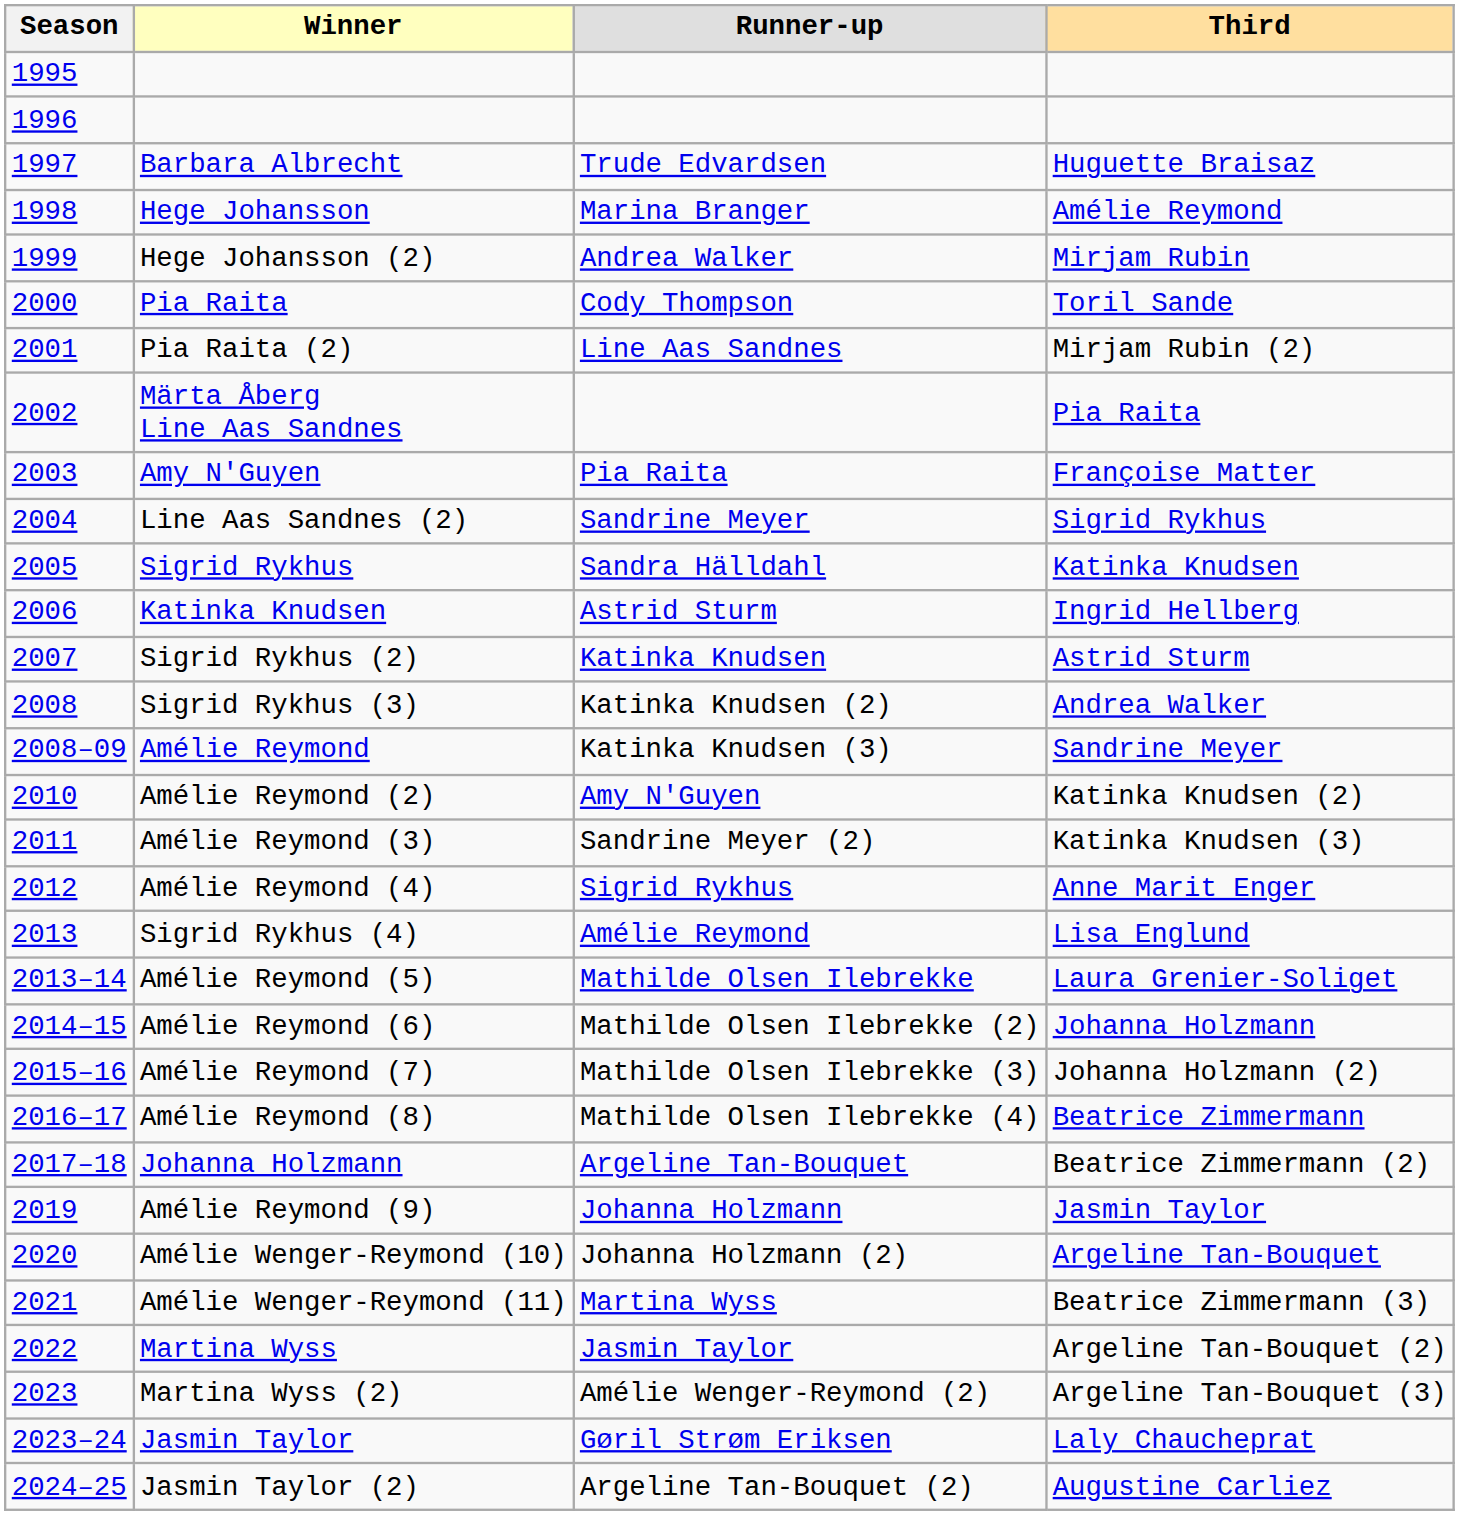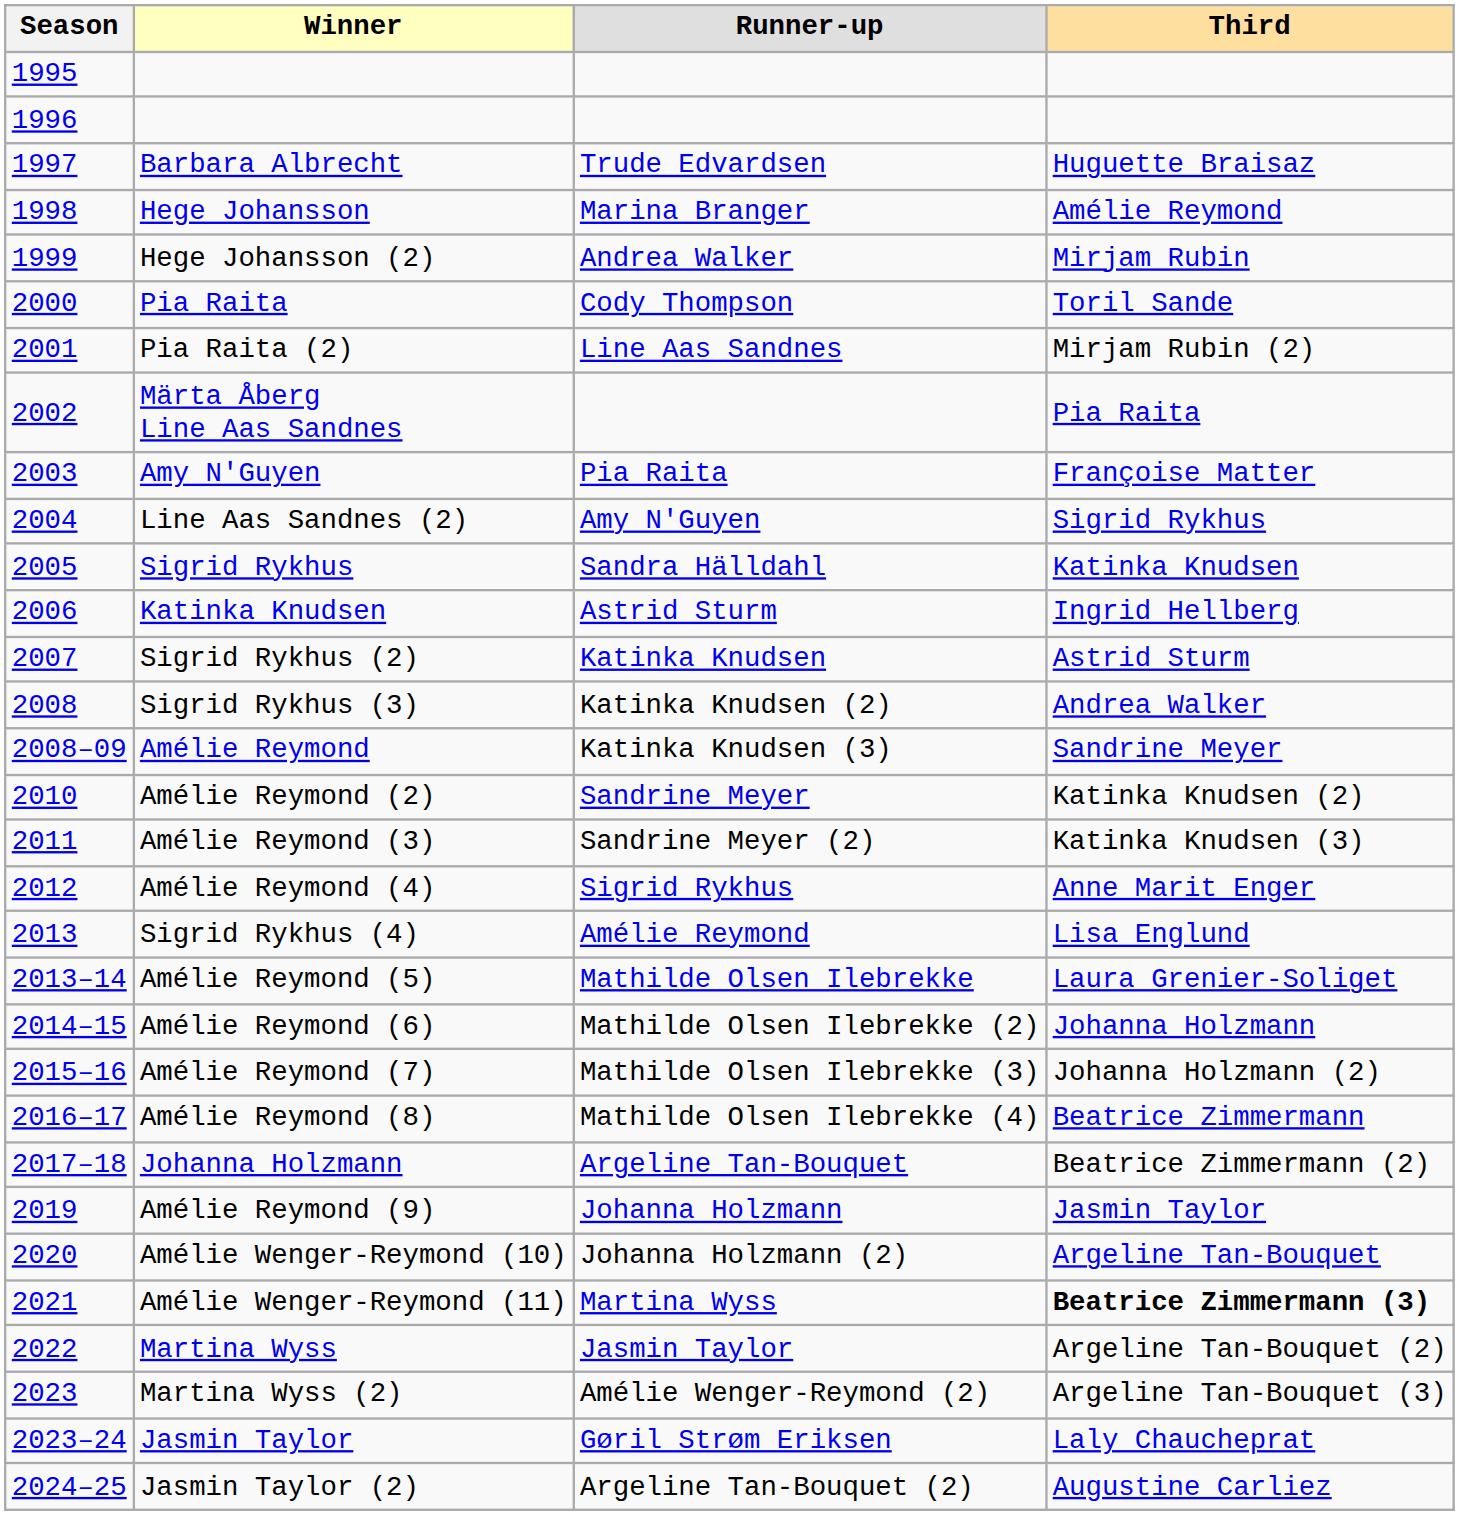 <table class="wikitable" style="font-size: 90%;">
 <tr>
 <th>Season</th>
 <th style="background:#ffffbf;">Winner</th>
 <th style="background:#dfdfdf;">Runner-up</th>
 <th style="background:#ffdf9f;">Third</th>
 </tr>
 <tr>
 <td><a href='#'>1995</a></td>
 <td></td>
 <td></td>
 <td></td>
 </tr>
 <tr>
 <td><a href='#'>1996</a></td>
 <td></td>
 <td></td>
 <td></td>
 </tr>
 <tr>
 <td><a href='#'>1997</a></td>
 <td> <a href='#'>Barbara Albrecht</a></td>
 <td> <a href='#'>Trude Edvardsen</a></td>
 <td> <a href='#'>Huguette Braisaz</a></td>
 </tr>
 <tr>
 <td><a href='#'>1998</a></td>
 <td> <a href='#'>Hege Johansson</a></td>
 <td> <a href='#'>Marina Branger</a></td>
 <td> <a href='#'>Amélie Reymond</a></td>
 </tr>
 <tr>
 <td><a href='#'>1999</a></td>
 <td> Hege Johansson (2)</td>
 <td> <a href='#'>Andrea Walker</a></td>
 <td> <a href='#'>Mirjam Rubin</a></td>
 </tr>
 <tr>
 <td><a href='#'>2000</a></td>
 <td> <a href='#'>Pia Raita</a></td>
 <td> <a href='#'>Cody Thompson</a></td>
 <td> <a href='#'>Toril Sande</a></td>
 </tr>
 <tr>
 <td><a href='#'>2001</a></td>
 <td> Pia Raita (2)</td>
 <td> <a href='#'>Line Aas Sandnes</a></td>
 <td> Mirjam Rubin (2)</td>
 </tr>
 <tr>
 <td><a href='#'>2002</a></td>
 <td> <a href='#'>Märta Åberg</a><br> <a href='#'>Line Aas Sandnes</a></td>
 <td></td>
 <td> <a href='#'>Pia Raita</a></td>
 </tr>
 <tr>
 <td><a href='#'>2003</a></td>
 <td> <a href='#'>Amy N'Guyen</a></td>
 <td> <a href='#'>Pia Raita</a></td>
 <td> <a href='#'>Françoise Matter</a></td>
 </tr>
 <tr>
 <td><a href='#'>2004</a></td>
 <td> Line Aas Sandnes (2)</td>
-<td> <a href='#'>Sandrine Meyer</a></td>
+<td> <a href='#'>Amy N'Guyen</a></td>
 <td> <a href='#'>Sigrid Rykhus</a></td>
 </tr>
 <tr>
 <td><a href='#'>2005</a></td>
 <td> <a href='#'>Sigrid Rykhus</a></td>
 <td> <a href='#'>Sandra Hälldahl</a></td>
 <td> <a href='#'>Katinka Knudsen</a></td>
 </tr>
 <tr>
 <td><a href='#'>2006</a></td>
 <td> <a href='#'>Katinka Knudsen</a></td>
 <td> <a href='#'>Astrid Sturm</a></td>
 <td> <a href='#'>Ingrid Hellberg</a></td>
 </tr>
 <tr>
 <td><a href='#'>2007</a></td>
 <td> Sigrid Rykhus (2)</td>
 <td> <a href='#'>Katinka Knudsen</a></td>
 <td> <a href='#'>Astrid Sturm</a></td>
 </tr>
 <tr>
 <td><a href='#'>2008</a></td>
 <td> Sigrid Rykhus (3)</td>
 <td> Katinka Knudsen (2)</td>
 <td> <a href='#'>Andrea Walker</a></td>
 </tr>
 <tr>
 <td><a href='#'>2008–09</a></td>
 <td> <a href='#'>Amélie Reymond</a></td>
 <td> Katinka Knudsen (3)</td>
 <td> <a href='#'>Sandrine Meyer</a></td>
 </tr>
 <tr>
 <td><a href='#'>2010</a></td>
 <td> Amélie Reymond (2)</td>
-<td> <a href='#'>Amy N'Guyen</a></td>
+<td> <a href='#'>Sandrine Meyer</a></td>
 <td> Katinka Knudsen (2)</td>
 </tr>
 <tr>
 <td><a href='#'>2011</a></td>
 <td> Amélie Reymond (3)</td>
 <td> Sandrine Meyer (2)</td>
 <td> Katinka Knudsen (3)</td>
 </tr>
 <tr>
 <td><a href='#'>2012</a></td>
 <td> Amélie Reymond (4)</td>
 <td> <a href='#'>Sigrid Rykhus</a></td>
 <td> <a href='#'>Anne Marit Enger</a></td>
 </tr>
 <tr>
 <td><a href='#'>2013</a></td>
 <td> Sigrid Rykhus (4)</td>
 <td> <a href='#'>Amélie Reymond</a></td>
 <td> <a href='#'>Lisa Englund</a></td>
 </tr>
 <tr>
 <td><a href='#'>2013–14</a></td>
 <td> Amélie Reymond (5)</td>
 <td> <a href='#'>Mathilde Olsen Ilebrekke</a></td>
 <td> <a href='#'>Laura Grenier-Soliget</a></td>
 </tr>
 <tr>
 <td><a href='#'>2014–15</a></td>
 <td> Amélie Reymond (6)</td>
 <td> Mathilde Olsen Ilebrekke (2)</td>
 <td> <a href='#'>Johanna Holzmann</a></td>
 </tr>
 <tr>
 <td><a href='#'>2015–16</a></td>
 <td> Amélie Reymond (7)</td>
 <td> Mathilde Olsen Ilebrekke (3)</td>
 <td> Johanna Holzmann (2)</td>
 </tr>
 <tr>
 <td><a href='#'>2016–17</a></td>
 <td> Amélie Reymond (8)</td>
 <td> Mathilde Olsen Ilebrekke (4)</td>
 <td> <a href='#'>Beatrice Zimmermann</a></td>
 </tr>
 <tr>
 <td><a href='#'>2017–18</a></td>
 <td> <a href='#'>Johanna Holzmann</a></td>
 <td> <a href='#'>Argeline Tan-Bouquet</a></td>
 <td> Beatrice Zimmermann (2)</td>
 </tr>
 <tr>
 <td><a href='#'>2019</a></td>
 <td> Amélie Reymond (9)</td>
 <td> <a href='#'>Johanna Holzmann</a></td>
 <td> <a href='#'>Jasmin Taylor</a></td>
 </tr>
 <tr>
 <td><a href='#'>2020</a></td>
 <td> Amélie Wenger-Reymond (10)</td>
 <td> Johanna Holzmann (2)</td>
 <td> <a href='#'>Argeline Tan-Bouquet</a></td>
 </tr>
 <tr>
 <td><a href='#'>2021</a></td>
 <td> Amélie Wenger-Reymond (11)</td>
 <td> <a href='#'>Martina Wyss</a></td>
-<td> Beatrice Zimmermann (3)</td>
+<td><strong> Beatrice Zimmermann (3)</strong></td>
 </tr>
 <tr>
 <td><a href='#'>2022</a></td>
 <td> <a href='#'>Martina Wyss</a></td>
 <td> <a href='#'>Jasmin Taylor</a></td>
 <td> Argeline Tan-Bouquet (2)</td>
 </tr>
 <tr>
 <td><a href='#'>2023</a></td>
 <td> Martina Wyss (2)</td>
 <td> Amélie Wenger-Reymond (2)</td>
 <td> Argeline Tan-Bouquet (3)</td>
 </tr>
 <tr>
 <td><a href='#'>2023–24</a></td>
 <td> <a href='#'>Jasmin Taylor</a></td>
 <td> <a href='#'>Gøril Strøm Eriksen</a></td>
 <td> <a href='#'>Laly Chaucheprat</a></td>
 </tr>
 <tr>
 <td><a href='#'>2024–25</a></td>
 <td> Jasmin Taylor (2)</td>
 <td> Argeline Tan-Bouquet (2)</td>
 <td> <a href='#'>Augustine Carliez</a></td>
 </tr>
 </table>
